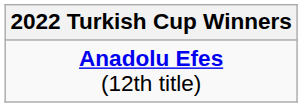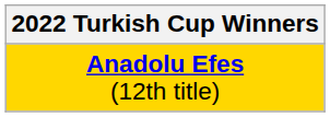 <table class=wikitable style="text-align:center; margin:auto">
 <tr>
 <th>2022 Turkish Cup Winners</th>
 </tr>
 <tr>
-<td><strong><a href='#'>Anadolu Efes</a></strong><br>(12th title)</td>
+<td style="background: gold;"><strong><a href='#'>Anadolu Efes</a></strong><br>(12th title)</td>
 </tr>
 </table>
